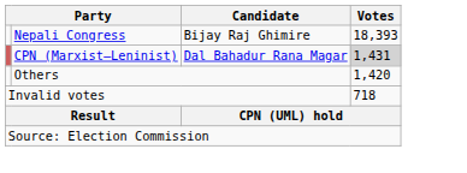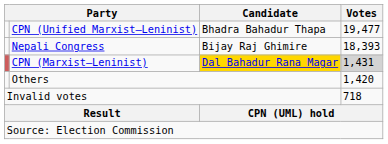 <table class="wikitable">
 <tr>
 <th colspan="2">Party</th>
 <th>Candidate</th>
 <th>Votes</th>
+</tr>
+<tr>
+<td style="background-color:"></td>
+<td><a href='#'>CPN (Unified Marxist–Leninist)</a></td>
+<td>Bhadra Bahadur Thapa</td>
+<td>19,477</td>
 </tr>
 <tr>
 <td style="background-color:"></td>
 <td><a href='#'>Nepali Congress</a></td>
 <td>Bijay Raj Ghimire</td>
 <td>18,393</td>
 </tr>
 <tr>
 <td style="background-color:indianred"></td>
 <td><a href='#'>CPN (Marxist–Leninist)</a></td>
-<td><a href='#'>Dal Bahadur Rana Magar</a></td>
+<td style="background: gold;"><a href='#'>Dal Bahadur Rana Magar</a></td>
 <td style="background: lightgrey;">1,431</td>
 </tr>
 <tr>
 <td></td>
 <td colspan="2">Others</td>
 <td>1,420</td>
 </tr>
 <tr>
 <td colspan="3">Invalid votes</td>
 <td>718</td>
 </tr>
 <tr>
 <th colspan="2">Result</th>
 <th colspan="2">CPN (UML) hold</th>
 </tr>
 <tr>
 <td colspan="4">Source: Election Commission</td>
 </tr>
 </table>
